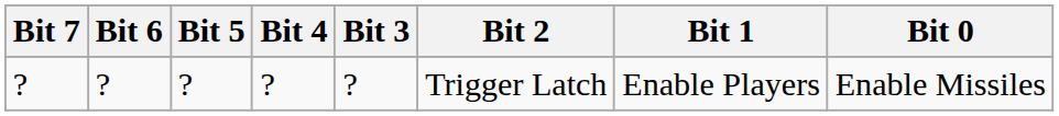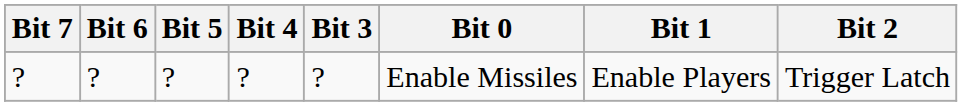 <table class="wikitable">
 <tr>
 <th>Bit 7</th>
 <th>Bit 6</th>
 <th>Bit 5</th>
 <th>Bit 4</th>
 <th>Bit 3</th>
+<th>Bit 0</th>
+<th>Bit 1</th>
 <th>Bit 2</th>
-<th>Bit 1</th>
-<th>Bit 0</th>
 </tr>
 <tr>
 <td>?</td>
 <td>?</td>
 <td>?</td>
 <td>?</td>
 <td>?</td>
+<td>Enable Missiles</td>
+<td>Enable Players</td>
 <td>Trigger Latch</td>
-<td>Enable Players</td>
-<td>Enable Missiles</td>
 </tr>
 </table>
